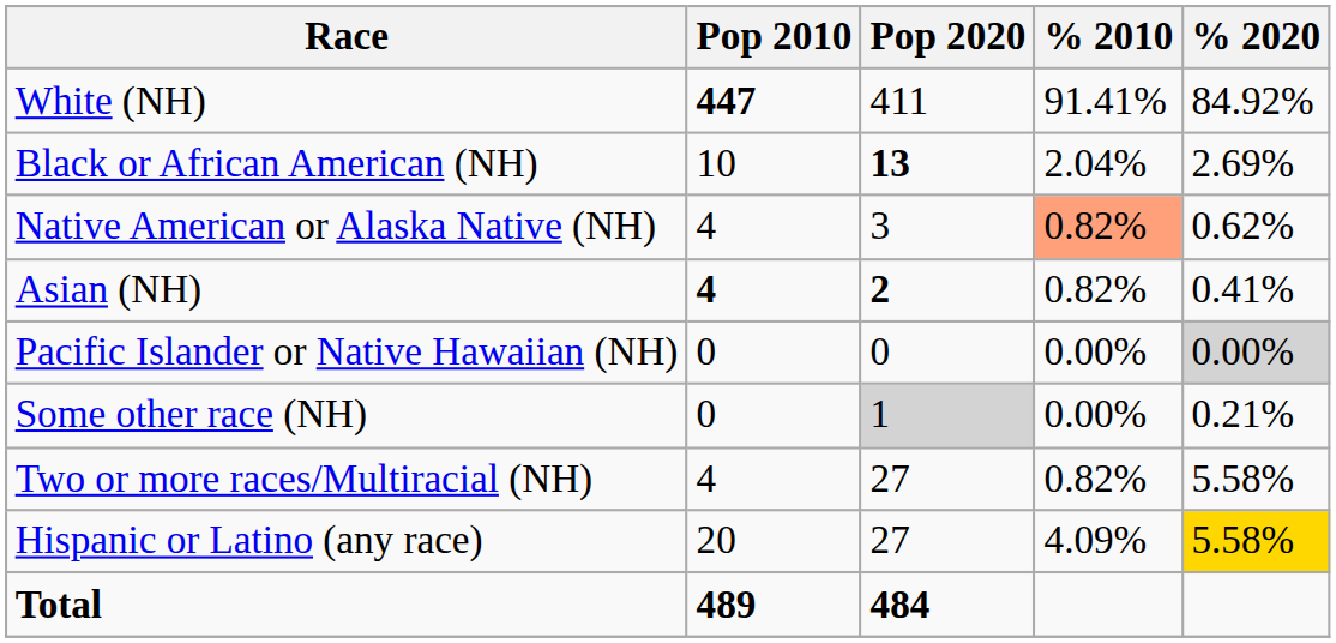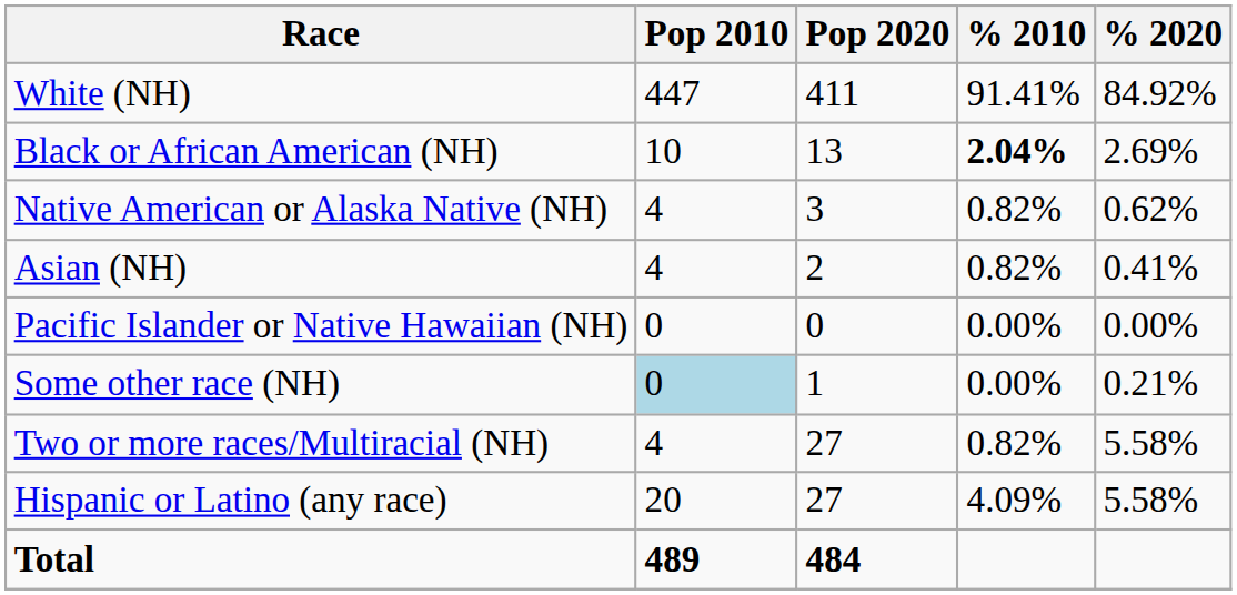 <table class="wikitable">
 <tr>
 <th>Race</th>
 <th>Pop 2010</th>
 <th>Pop 2020</th>
 <th>% 2010</th>
 <th>% 2020</th>
 </tr>
 <tr>
 <td><a href='#'>White</a> (NH)</td>
-<td><strong>447</strong></td>
+<td>447</td>
 <td>411</td>
 <td>91.41%</td>
 <td>84.92%</td>
 </tr>
 <tr>
 <td><a href='#'>Black or African American</a> (NH)</td>
 <td>10</td>
-<td><strong>13</strong></td>
-<td>2.04%</td>
+<td>13</td>
+<td><strong>2.04%</strong></td>
 <td>2.69%</td>
 </tr>
 <tr>
 <td><a href='#'>Native American</a> or <a href='#'>Alaska Native</a> (NH)</td>
 <td>4</td>
 <td>3</td>
-<td style="background: lightsalmon;">0.82%</td>
+<td>0.82%</td>
 <td>0.62%</td>
 </tr>
 <tr>
 <td><a href='#'>Asian</a> (NH)</td>
-<td><strong>4</strong></td>
-<td><strong>2</strong></td>
+<td>4</td>
+<td>2</td>
 <td>0.82%</td>
 <td>0.41%</td>
 </tr>
 <tr>
 <td><a href='#'>Pacific Islander</a> or <a href='#'>Native Hawaiian</a> (NH)</td>
 <td>0</td>
 <td>0</td>
 <td>0.00%</td>
-<td style="background: lightgrey;">0.00%</td>
+<td>0.00%</td>
 </tr>
 <tr>
 <td><a href='#'>Some other race</a> (NH)</td>
-<td>0</td>
-<td style="background: lightgrey;">1</td>
+<td style="background: lightblue;">0</td>
+<td>1</td>
 <td>0.00%</td>
 <td>0.21%</td>
 </tr>
 <tr>
 <td><a href='#'>Two or more races/Multiracial</a> (NH)</td>
 <td>4</td>
 <td>27</td>
 <td>0.82%</td>
 <td>5.58%</td>
 </tr>
 <tr>
 <td><a href='#'>Hispanic or Latino</a> (any race)</td>
 <td>20</td>
 <td>27</td>
 <td>4.09%</td>
-<td style="background: gold;">5.58%</td>
+<td>5.58%</td>
 </tr>
 <tr>
 <td><strong>Total</strong></td>
 <td><strong>489</strong></td>
 <td><strong>484</strong></td>
 <td></td>
 <td></td>
 </tr>
 <tr>
 </tr>
 </table>
